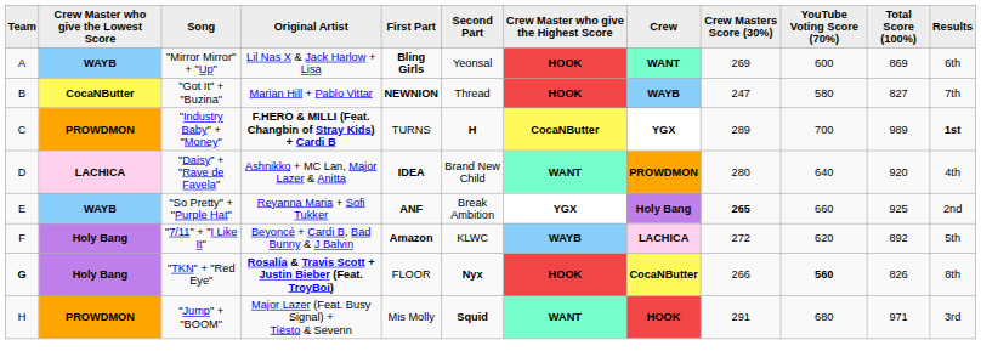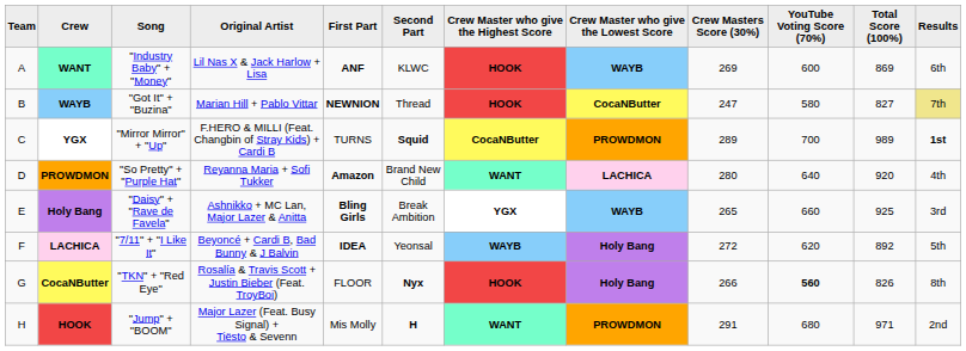 <table class="wikitable sortable" style="text-align:center; font-size:90%">
 <tr>
 <th style="background:#EDEDED">Team</th>
-<th style="background:#EDEDED">Crew Master who give the Lowest Score</th>
+<th style="background:#EDEDED">Crew</th>
 <th style="background:#EDEDED">Song</th>
 <th style="background:#EDEDED">Original Artist</th>
 <th style="background:#EDEDED">First Part</th>
 <th style="background:#EDEDED">Second Part</th>
 <th style="background:#EDEDED">Crew Master who give the Highest Score</th>
-<th style="background:#EDEDED">Crew</th>
+<th style="background:#EDEDED">Crew Master who give the Lowest Score</th>
 <th style="background:#EDEDED">Crew Masters Score (30%)</th>
 <th style="background:#EDEDED">YouTube Voting Score (70%)</th>
 <th style="background:#EDEDED">Total Score (100%)</th>
 <th style="background:#EDEDED">Results</th>
 </tr>
 <tr>
 <td>A</td>
+<td style="background:#75FFCA"><strong>WANT</strong></td>
+<td>"<a href='#'>Industry Baby</a>" + "<a href='#'>Money</a>"</td>
+<td><a href='#'>Lil Nas X</a> & <a href='#'>Jack Harlow</a> + <a href='#'>Lisa</a></td>
+<td><strong>ANF</strong></td>
+<td>KLWC</td>
+<td style="background:#F24646"><strong>HOOK</strong></td>
 <td style="background:#87CEFA"><strong>WAYB</strong></td>
-<td>"Mirror Mirror" + "<a href='#'>Up</a>"</td>
-<td><a href='#'>Lil Nas X</a> & <a href='#'>Jack Harlow</a> + <a href='#'>Lisa</a></td>
-<td><strong>Bling Girls</strong></td>
-<td>Yeonsal</td>
-<td style="background:#F24646"><strong>HOOK</strong></td>
-<td style="background:#75FFCA"><strong>WANT</strong></td>
 <td>269</td>
 <td>600</td>
 <td>869</td>
 <td>6th</td>
 </tr>
 <tr>
 <td>B</td>
-<td style="background:#FFFA5C"><strong>CocaNButter</strong></td>
+<td style="background:#87CEFA"><strong>WAYB</strong></td>
 <td>"Got It" + "Buzina"</td>
 <td><a href='#'>Marian Hill</a> + <a href='#'>Pablo Vittar</a></td>
 <td><strong>NEWNION</strong></td>
 <td>Thread</td>
 <td style="background:#F24646"><strong>HOOK</strong></td>
-<td style="background:#87CEFA"><strong>WAYB</strong></td>
+<td style="background:#FFFA5C"><strong>CocaNButter</strong></td>
 <td>247</td>
 <td>580</td>
 <td>827</td>
-<td>7th</td>
+<td style="background: khaki;">7th</td>
 </tr>
 <tr>
 <td>C</td>
+<td style="background:#FFFFFF"><strong>YGX</strong></td>
+<td>"Mirror Mirror" + "<a href='#'>Up</a>"</td>
+<td>F.HERO & MILLI (Feat. Changbin of <a href='#'>Stray Kids</a>) + <a href='#'>Cardi B</a></td>
+<td>TURNS</td>
+<td><strong>Squid</strong></td>
+<td style="background:#FFFA5C"><strong>CocaNButter</strong></td>
 <td style="background:orange"><strong>PROWDMON</strong></td>
-<td>"<a href='#'>Industry Baby</a>" + "<a href='#'>Money</a>"</td>
-<td><strong>F.HERO & MILLI (Feat. Changbin of <a href='#'>Stray Kids</a>) + <a href='#'>Cardi B</a></strong></td>
-<td>TURNS</td>
-<td><strong>H</strong></td>
-<td style="background:#FFFA5C"><strong>CocaNButter</strong></td>
-<td style="background:#FFFFFF"><strong>YGX</strong></td>
 <td>289</td>
 <td>700</td>
 <td>989</td>
 <td><strong>1st</strong></td>
 </tr>
 <tr>
 <td>D</td>
-<td style="background:#FFD1ED"><strong>LACHICA</strong></td>
-<td>"<a href='#'>Daisy</a>" + "<a href='#'>Rave de Favela</a>"</td>
-<td><a href='#'>Ashnikko</a> + MC Lan, <a href='#'>Major Lazer</a> & <a href='#'>Anitta</a></td>
-<td><strong>IDEA</strong></td>
+<td style="background:orange"><strong>PROWDMON</strong></td>
+<td>"So Pretty" + "<a href='#'>Purple Hat</a>"</td>
+<td><a href='#'>Reyanna Maria</a> + <a href='#'>Sofi Tukker</a></td>
+<td><strong>Amazon</strong></td>
 <td>Brand New Child</td>
 <td style="background:#75FFCA"><strong>WANT</strong></td>
-<td style="background:orange"><strong>PROWDMON</strong></td>
+<td style="background:#FFD1ED"><strong>LACHICA</strong></td>
 <td>280</td>
 <td>640</td>
 <td>920</td>
 <td>4th</td>
 </tr>
 <tr>
 <td>E</td>
-<td style="background:#87CEFA"><strong>WAYB</strong></td>
-<td>"So Pretty" + "<a href='#'>Purple Hat</a>"</td>
-<td><a href='#'>Reyanna Maria</a> + <a href='#'>Sofi Tukker</a></td>
-<td><strong>ANF</strong></td>
+<td style="background:#BF7FEB"><strong>Holy Bang</strong></td>
+<td>"<a href='#'>Daisy</a>" + "<a href='#'>Rave de Favela</a>"</td>
+<td><a href='#'>Ashnikko</a> + MC Lan, <a href='#'>Major Lazer</a> & <a href='#'>Anitta</a></td>
+<td><strong>Bling Girls</strong></td>
 <td>Break Ambition</td>
 <td style="background:#FFFFFF"><strong>YGX</strong></td>
-<td style="background:#BF7FEB"><strong>Holy Bang</strong></td>
-<td><strong>265</strong></td>
+<td style="background:#87CEFA"><strong>WAYB</strong></td>
+<td>265</td>
 <td>660</td>
 <td>925</td>
-<td>2nd</td>
+<td>3rd</td>
 </tr>
 <tr>
 <td>F</td>
-<td style="background:#BF7FEB"><strong>Holy Bang</strong></td>
+<td style="background:#FFD1ED"><strong>LACHICA</strong></td>
 <td>"<a href='#'>7/11</a>" + "<a href='#'>I Like It</a>"</td>
 <td><a href='#'>Beyoncé</a> + <a href='#'>Cardi B</a>, <a href='#'>Bad Bunny</a> & <a href='#'>J Balvin</a></td>
-<td><strong>Amazon</strong></td>
-<td>KLWC</td>
+<td><strong>IDEA</strong></td>
+<td>Yeonsal</td>
 <td style="background:#87CEFA"><strong>WAYB</strong></td>
-<td style="background:#FFD1ED"><strong>LACHICA</strong></td>
+<td style="background:#BF7FEB"><strong>Holy Bang</strong></td>
 <td>272</td>
 <td>620</td>
 <td>892</td>
 <td>5th</td>
 </tr>
 <tr>
-<td><strong>G</strong></td>
-<td style="background:#BF7FEB"><strong>Holy Bang</strong></td>
+<td>G</td>
+<td style="background:#FFFA5C"><strong>CocaNButter</strong></td>
 <td>"<a href='#'>TKN</a>" + "Red Eye"</td>
-<td><strong><a href='#'>Rosalía</a> & <a href='#'>Travis Scott</a> + <a href='#'>Justin Bieber</a> (Feat. <a href='#'>TroyBoi</a>)</strong></td>
+<td><a href='#'>Rosalía</a> & <a href='#'>Travis Scott</a> + <a href='#'>Justin Bieber</a> (Feat. <a href='#'>TroyBoi</a>)</td>
 <td>FLOOR</td>
 <td><strong>Nyx</strong></td>
 <td style="background:#F24646"><strong>HOOK</strong></td>
-<td style="background:#FFFA5C"><strong>CocaNButter</strong></td>
+<td style="background:#BF7FEB"><strong>Holy Bang</strong></td>
 <td>266</td>
 <td><strong>560</strong></td>
 <td>826</td>
 <td>8th</td>
 </tr>
 <tr>
 <td>H</td>
-<td style="background:orange"><strong>PROWDMON</strong></td>
+<td style="background:#F24646"><strong>HOOK</strong></td>
 <td>"<a href='#'>Jump</a>" + "BOOM"</td>
 <td><a href='#'>Major Lazer</a> (Feat. Busy Signal) +<br><a href='#'>Tiësto</a> & Sevenn</td>
 <td>Mis Molly</td>
-<td><strong>Squid</strong></td>
+<td><strong>H</strong></td>
 <td style="background:#75FFCA"><strong>WANT</strong></td>
-<td style="background:#F24646"><strong>HOOK</strong></td>
+<td style="background:orange"><strong>PROWDMON</strong></td>
 <td>291</td>
 <td>680</td>
 <td>971</td>
-<td>3rd</td>
+<td>2nd</td>
 </tr>
 </table>
